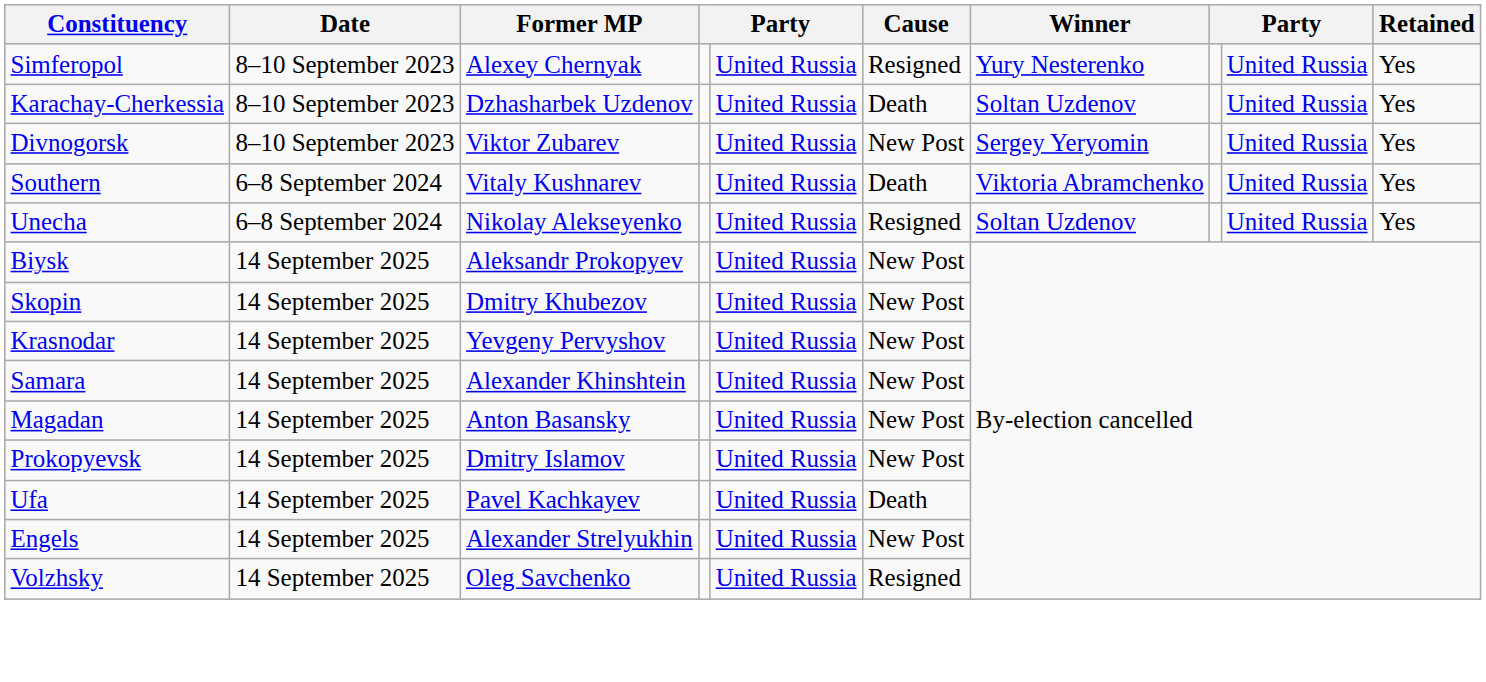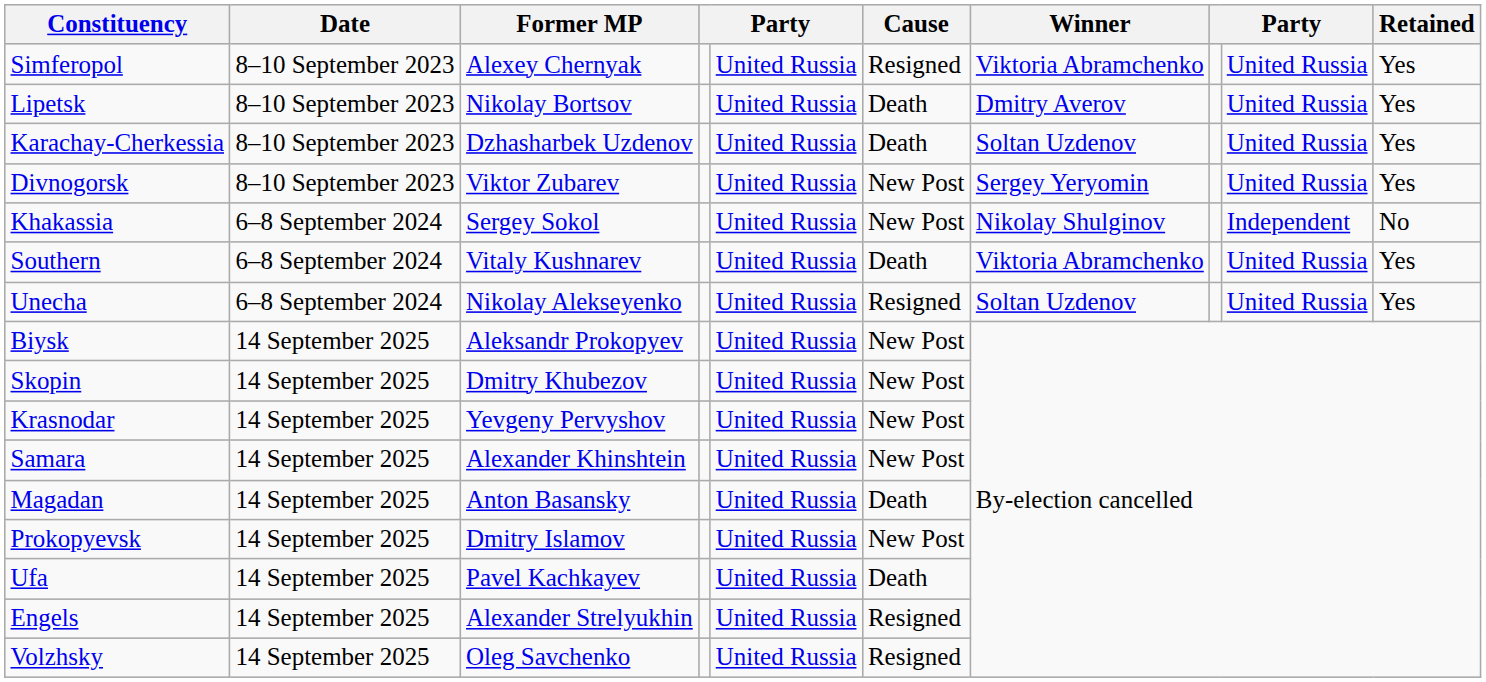 <table class="wikitable">
 <tr>
 <th><a href='#'>Constituency</a></th>
 <th>Date</th>
 <th>Former MP</th>
 <th colspan=2>Party</th>
 <th>Cause</th>
 <th>Winner</th>
 <th colspan=2>Party</th>
 <th>Retained</th>
 </tr>
 <tr>
 <td><a href='#'>Simferopol</a></td>
 <td>8–10 September 2023</td>
 <td><a href='#'>Alexey Chernyak</a></td>
 <td style="background-color:"></td>
 <td><a href='#'>United Russia</a></td>
 <td>Resigned</td>
-<td><a href='#'>Yury Nesterenko</a></td>
+<td><a href='#'>Viktoria Abramchenko</a></td>
+<td style="background-color:"></td>
+<td><a href='#'>United Russia</a></td>
+<td>Yes</td>
+</tr>
+<tr>
+<td><a href='#'>Lipetsk</a></td>
+<td>8–10 September 2023</td>
+<td><a href='#'>Nikolay Bortsov</a></td>
+<td style="background-color:"></td>
+<td><a href='#'>United Russia</a></td>
+<td>Death</td>
+<td><a href='#'>Dmitry Averov</a></td>
 <td style="background-color:"></td>
 <td><a href='#'>United Russia</a></td>
 <td>Yes</td>
 </tr>
 <tr>
 <td><a href='#'>Karachay-Cherkessia</a></td>
 <td>8–10 September 2023</td>
 <td><a href='#'>Dzhasharbek Uzdenov</a></td>
 <td style="background-color:"></td>
 <td><a href='#'>United Russia</a></td>
 <td>Death</td>
 <td><a href='#'>Soltan Uzdenov</a></td>
 <td style="background-color:"></td>
 <td><a href='#'>United Russia</a></td>
 <td>Yes</td>
 </tr>
 <tr>
 <td><a href='#'>Divnogorsk</a></td>
 <td>8–10 September 2023</td>
 <td><a href='#'>Viktor Zubarev</a></td>
 <td style="background-color:"></td>
 <td><a href='#'>United Russia</a></td>
 <td>New Post</td>
 <td><a href='#'>Sergey Yeryomin</a></td>
 <td style="background-color:"></td>
 <td><a href='#'>United Russia</a></td>
 <td>Yes</td>
+</tr>
+<tr>
+<td><a href='#'>Khakassia</a></td>
+<td>6–8 September 2024</td>
+<td><a href='#'>Sergey Sokol</a></td>
+<td style="background-color:"></td>
+<td><a href='#'>United Russia</a></td>
+<td>New Post</td>
+<td><a href='#'>Nikolay Shulginov</a></td>
+<td style="background-color:"></td>
+<td><a href='#'>Independent</a></td>
+<td>No</td>
 </tr>
 <tr>
 <td><a href='#'>Southern</a></td>
 <td>6–8 September 2024</td>
 <td><a href='#'>Vitaly Kushnarev</a></td>
 <td style="background-color:"></td>
 <td><a href='#'>United Russia</a></td>
 <td>Death</td>
 <td><a href='#'>Viktoria Abramchenko</a></td>
 <td style="background-color:"></td>
 <td><a href='#'>United Russia</a></td>
 <td>Yes</td>
 </tr>
 <tr>
 <td><a href='#'>Unecha</a></td>
 <td>6–8 September 2024</td>
 <td><a href='#'>Nikolay Alekseyenko</a></td>
 <td style="background-color:"></td>
 <td><a href='#'>United Russia</a></td>
 <td>Resigned</td>
 <td><a href='#'>Soltan Uzdenov</a></td>
 <td style="background-color:"></td>
 <td><a href='#'>United Russia</a></td>
 <td>Yes</td>
 </tr>
 <tr>
 <td><a href='#'>Biysk</a></td>
 <td>14 September 2025</td>
 <td><a href='#'>Aleksandr Prokopyev</a></td>
 <td style="background-color:"></td>
 <td><a href='#'>United Russia</a></td>
 <td>New Post</td>
 <td rowspan=9 colspan=4>By-election cancelled</td>
 </tr>
 <tr>
 <td><a href='#'>Skopin</a></td>
 <td>14 September 2025</td>
 <td><a href='#'>Dmitry Khubezov</a></td>
 <td style="background-color:"></td>
 <td><a href='#'>United Russia</a></td>
 <td>New Post</td>
 </tr>
 <tr>
 <td><a href='#'>Krasnodar</a></td>
 <td>14 September 2025</td>
 <td><a href='#'>Yevgeny Pervyshov</a></td>
 <td style="background-color:"></td>
 <td><a href='#'>United Russia</a></td>
 <td>New Post</td>
 </tr>
 <tr>
 <td><a href='#'>Samara</a></td>
 <td>14 September 2025</td>
 <td><a href='#'>Alexander Khinshtein</a></td>
 <td style="background-color:"></td>
 <td><a href='#'>United Russia</a></td>
 <td>New Post</td>
 </tr>
 <tr>
 <td><a href='#'>Magadan</a></td>
 <td>14 September 2025</td>
 <td><a href='#'>Anton Basansky</a></td>
 <td style="background-color:"></td>
 <td><a href='#'>United Russia</a></td>
-<td>New Post</td>
+<td>Death</td>
 </tr>
 <tr>
 <td><a href='#'>Prokopyevsk</a></td>
 <td>14 September 2025</td>
 <td><a href='#'>Dmitry Islamov</a></td>
 <td style="background-color:"></td>
 <td><a href='#'>United Russia</a></td>
 <td>New Post</td>
 </tr>
 <tr>
 <td><a href='#'>Ufa</a></td>
 <td>14 September 2025</td>
 <td><a href='#'>Pavel Kachkayev</a></td>
 <td style="background-color:"></td>
 <td><a href='#'>United Russia</a></td>
 <td>Death</td>
 </tr>
 <tr>
 <td><a href='#'>Engels</a></td>
 <td>14 September 2025</td>
 <td><a href='#'>Alexander Strelyukhin</a></td>
 <td style="background-color:"></td>
 <td><a href='#'>United Russia</a></td>
-<td>New Post</td>
+<td>Resigned</td>
 </tr>
 <tr>
 <td><a href='#'>Volzhsky</a></td>
 <td>14 September 2025</td>
 <td><a href='#'>Oleg Savchenko</a></td>
 <td style="background-color:"></td>
 <td><a href='#'>United Russia</a></td>
 <td>Resigned</td>
 </tr>
 </table>
